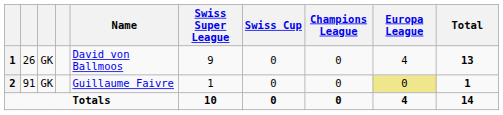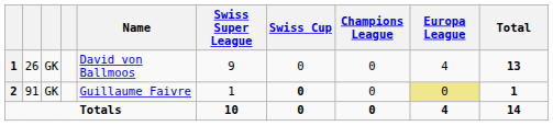 <table class="wikitable" style="text-align:center">
 <tr>
 <th width=15></th>
 <th width=15></th>
 <th width=15></th>
 <th width=15></th>
 <th width=145>Name</th>
 <th width=80><a href='#'>Swiss Super League</a></th>
 <th width=80><a href='#'>Swiss Cup</a></th>
 <th width=80><a href='#'>Champions League</a></th>
 <th width=80><a href='#'>Europa League</a></th>
 <th width=80>Total</th>
 </tr>
 <tr>
 <th rowspan=1>1</th>
 <td>26</td>
 <td>GK</td>
 <td></td>
 <td align=left><a href='#'>David von Ballmoos</a></td>
 <td>9</td>
 <td>0</td>
 <td>0</td>
 <td>4</td>
 <td><strong>13</strong></td>
 </tr>
 <tr>
 <th rowspan=1>2</th>
 <td>91</td>
 <td>GK</td>
 <td></td>
 <td align=left><a href='#'>Guillaume Faivre</a></td>
 <td>1</td>
-<td>0</td>
+<td><strong>0</strong></td>
 <td>0</td>
 <td style="background: khaki;">0</td>
 <td><strong>1</strong></td>
 </tr>
 <tr>
 <td colspan=5><strong>Totals</strong></td>
 <td><strong>10</strong></td>
 <td><strong>0</strong></td>
 <td><strong>0</strong></td>
 <td><strong>4</strong></td>
 <td><strong>14</strong></td>
 </tr>
 </table>
